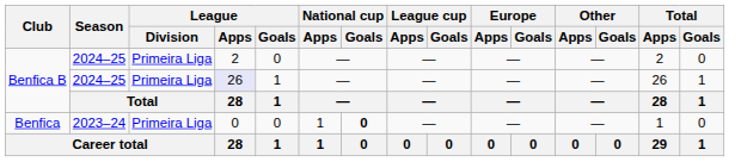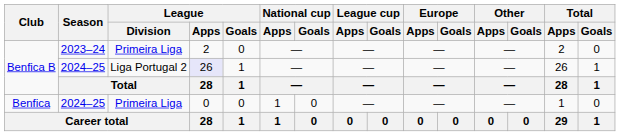 <table class="wikitable" style="text-align: center">
 <tr>
 <th rowspan="2">Club</th>
 <th rowspan="2">Season</th>
 <th colspan="3">League</th>
 <th colspan="2">National cup</th>
 <th colspan="2">League cup</th>
 <th colspan="2">Europe</th>
 <th colspan="2">Other</th>
 <th colspan="2">Total</th>
 </tr>
 <tr>
 <th>Division</th>
 <th>Apps</th>
 <th>Goals</th>
 <th>Apps</th>
 <th>Goals</th>
 <th>Apps</th>
 <th>Goals</th>
 <th>Apps</th>
 <th>Goals</th>
 <th>Apps</th>
 <th>Goals</th>
 <th>Apps</th>
 <th>Goals</th>
 </tr>
 <tr>
 <td rowspan="3"><a href='#'>Benfica B</a></td>
-<td><a href='#'>2024–25</a></td>
+<td><a href='#'>2023–24</a></td>
 <td><a href='#'>Primeira Liga</a></td>
 <td>2</td>
 <td>0</td>
 <td colspan="2">—</td>
 <td colspan="2">—</td>
 <td colspan="2">—</td>
 <td colspan="2">—</td>
 <td>2</td>
 <td>0</td>
 </tr>
 <tr>
 <td><a href='#'>2024–25</a></td>
-<td><a href='#'>Primeira Liga</a></td>
+<td>Liga Portugal 2</td>
 <td style="background: lavender;">26</td>
 <td>1</td>
 <td colspan="2">—</td>
 <td colspan="2">—</td>
 <td colspan="2">—</td>
 <td colspan="2">—</td>
 <td>26</td>
 <td>1</td>
 </tr>
 <tr>
 <th colspan="2">Total</th>
 <th>28</th>
 <th>1</th>
 <th colspan="2">—</th>
 <th colspan="2">—</th>
 <th colspan="2">—</th>
 <th colspan="2">—</th>
 <th>28</th>
 <th>1</th>
 </tr>
 <tr>
 <td><a href='#'>Benfica</a></td>
-<td><a href='#'>2023–24</a></td>
+<td><a href='#'>2024–25</a></td>
 <td><a href='#'>Primeira Liga</a></td>
 <td>0</td>
 <td>0</td>
 <td>1</td>
-<td><strong>0</strong></td>
+<td>0</td>
 <td colspan="2">—</td>
 <td colspan="2">—</td>
 <td colspan="2">—</td>
 <td>1</td>
 <td>0</td>
 </tr>
 <tr>
 <th colspan="3">Career total</th>
 <th>28</th>
 <th>1</th>
 <th>1</th>
 <th>0</th>
 <th>0</th>
 <th>0</th>
 <th>0</th>
 <th>0</th>
 <th>0</th>
 <th>0</th>
 <th>29</th>
 <th>1</th>
 </tr>
 </table>
